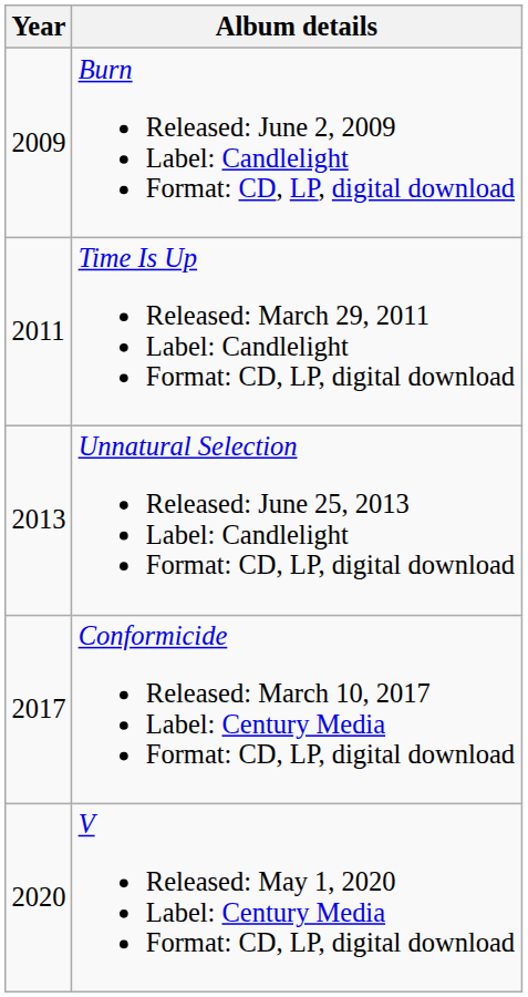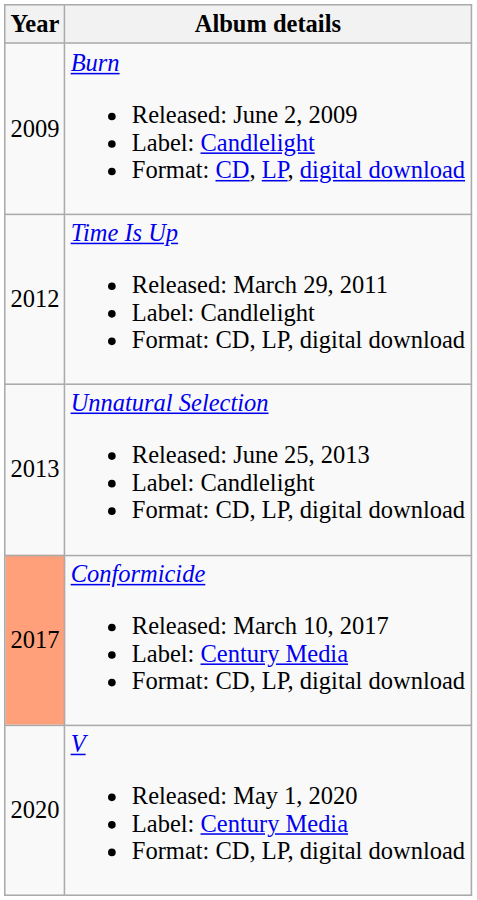 <table class="wikitable">
 <tr>
 <th scope="col">Year</th>
 <th scope="col">Album details</th>
 </tr>
 <tr>
 <td>2009</td>
 <td><em><a href='#'>Burn</a></em><br><ul><li>Released: June 2, 2009</li><li>Label: <a href='#'>Candlelight</a></li><li>Format: <a href='#'>CD</a>, <a href='#'>LP</a>, <a href='#'>digital download</a></li></ul></td>
 </tr>
 <tr>
-<td>2011</td>
+<td>2012</td>
 <td><em><a href='#'>Time Is Up</a></em><br><ul><li>Released: March 29, 2011</li><li>Label: Candlelight</li><li>Format: CD, LP, digital download</li></ul></td>
 </tr>
 <tr>
 <td>2013</td>
 <td><em><a href='#'>Unnatural Selection</a></em><br><ul><li>Released: June 25, 2013</li><li>Label: Candlelight</li><li>Format: CD, LP, digital download</li></ul></td>
 </tr>
 <tr>
-<td>2017</td>
+<td style="background: lightsalmon;">2017</td>
 <td><em><a href='#'>Conformicide</a></em><br><ul><li>Released: March 10, 2017</li><li>Label: <a href='#'>Century Media</a></li><li>Format: CD, LP, digital download</li></ul></td>
 </tr>
 <tr>
 <td>2020</td>
 <td><em><a href='#'>V</a></em><br><ul><li>Released: May 1, 2020</li><li>Label: <a href='#'>Century Media</a></li><li>Format: CD, LP, digital download</li></ul></td>
 </tr>
 </table>
